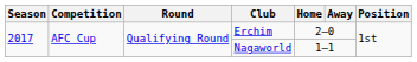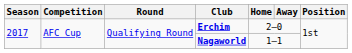 <table class="wikitable">
 <tr>
 <th>Season</th>
 <th>Competition</th>
 <th>Round</th>
 <th>Club</th>
 <th>Home</th>
 <th>Away</th>
 <th>Position</th>
 </tr>
 <tr>
 <td rowspan="2"><a href='#'>2017</a></td>
 <td rowspan="2"><a href='#'>AFC Cup</a></td>
 <td rowspan="2"><a href='#'>Qualifying Round</a></td>
-<td> <a href='#'>Erchim</a></td>
+<td><strong> <a href='#'>Erchim</a></strong></td>
 <td colspan=2; style="text-align:center;">2–0</td>
 <td rowspan="2">1st</td>
 </tr>
 <tr>
-<td> <a href='#'>Nagaworld</a></td>
+<td><strong> <a href='#'>Nagaworld</a></strong></td>
 <td colspan=2; style="text-align:center;">1–1</td>
 </tr>
 </table>
